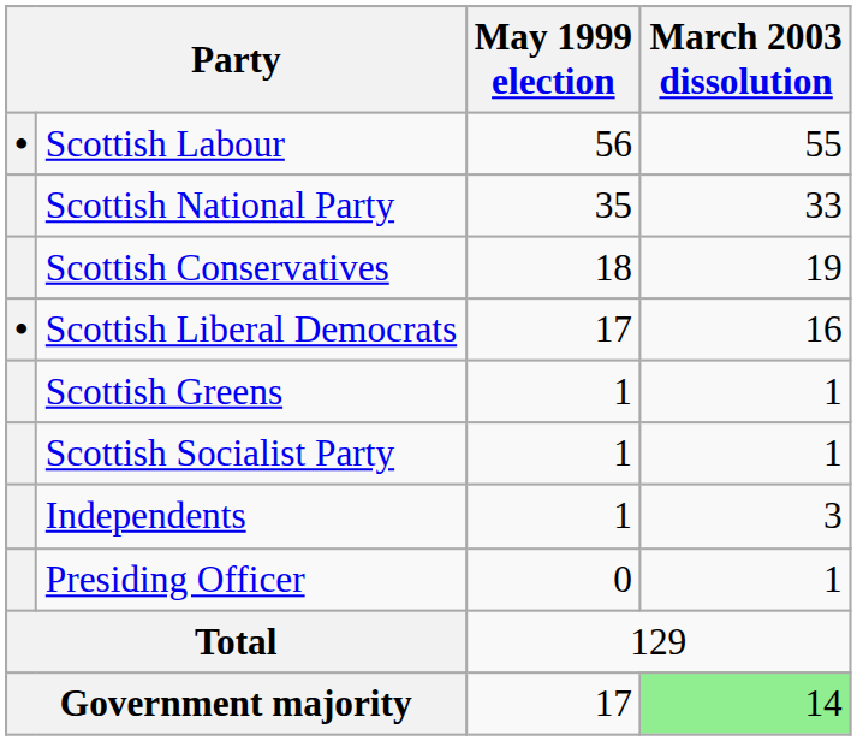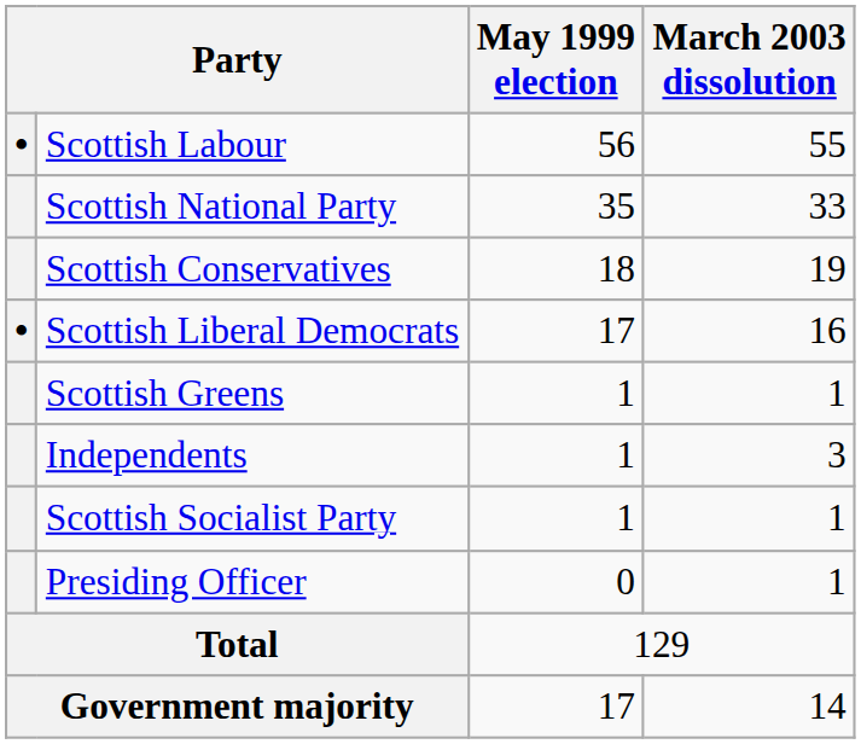 <table class="wikitable" style="font-size: 95%;">
 <tr>
 <th colspan=2>Party</th>
 <th>May 1999<br><a href='#'>election</a></th>
 <th>March 2003<br><a href='#'>dissolution</a></th>
 </tr>
 <tr>
 <th style="background-color: "><span>•</span></th>
 <td><a href='#'>Scottish Labour</a></td>
 <td align="right">56</td>
 <td align="right">55</td>
 </tr>
 <tr>
 <th style="background-color: "></th>
 <td><a href='#'>Scottish National Party</a></td>
 <td align="right">35</td>
 <td align="right">33</td>
 </tr>
 <tr>
 <th style="background-color: "></th>
 <td><a href='#'>Scottish Conservatives</a></td>
 <td align="right">18</td>
 <td align="right">19</td>
 </tr>
 <tr>
 <th style="background-color: "><span>•</span></th>
 <td><a href='#'>Scottish Liberal Democrats</a></td>
 <td align="right">17</td>
 <td align="right">16</td>
 </tr>
 <tr>
 <th style="background-color: "></th>
 <td><a href='#'>Scottish Greens</a></td>
 <td align="right">1</td>
 <td align="right">1</td>
 </tr>
 <tr>
 <th style="background-color: "></th>
+<td><a href='#'>Independents</a></td>
+<td align="right">1</td>
+<td align="right">3</td>
+</tr>
+<tr>
+<th style="background-color: "></th>
 <td><a href='#'>Scottish Socialist Party</a></td>
 <td align="right">1</td>
 <td align="right">1</td>
-</tr>
-<tr>
-<th style="background-color: "></th>
-<td><a href='#'>Independents</a></td>
-<td align="right">1</td>
-<td align="right">3</td>
 </tr>
 <tr>
 <th style="background-color: "></th>
 <td><a href='#'>Presiding Officer</a></td>
 <td align="right">0</td>
 <td align="right">1</td>
 </tr>
 <tr>
 <th colspan="2">Total</th>
 <td colspan="2" align="center">129</td>
 </tr>
 <tr>
 <th colspan="2">Government majority</th>
 <td align="right">17</td>
-<td align="right" style="background: lightgreen;">14</td>
+<td align="right">14</td>
 </tr>
 </table>
